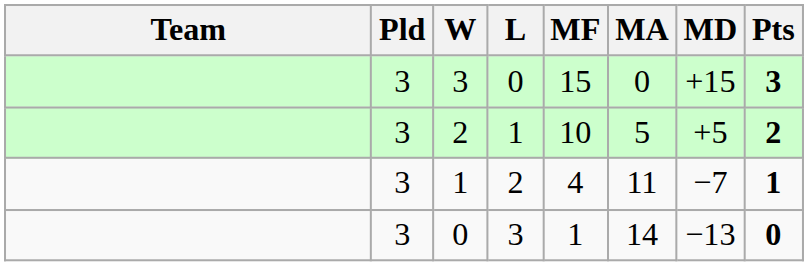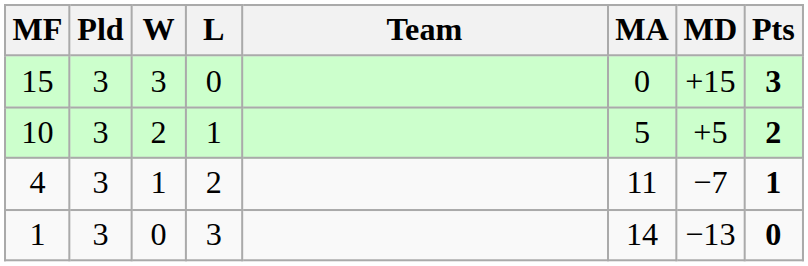 <table class="wikitable" style="text-align:center">
 <tr>
-<th width="175">Team</th>
+<th width="20">MF</th>
 <th width="20">Pld</th>
 <th width="20">W</th>
 <th width="20">L</th>
-<th width="20">MF</th>
+<th width="175">Team</th>
 <th width="20">MA</th>
 <th width="20">MD</th>
 <th width="20">Pts</th>
 </tr>
 <tr bgcolor="ccffcc">
-<td align="left"></td>
+<td>15</td>
 <td>3</td>
 <td>3</td>
 <td>0</td>
-<td>15</td>
+<td align="left"></td>
 <td>0</td>
 <td>+15</td>
 <td><strong>3</strong></td>
 </tr>
 <tr bgcolor="ccffcc">
-<td align="left"></td>
+<td>10</td>
 <td>3</td>
 <td>2</td>
 <td>1</td>
-<td>10</td>
+<td align="left"></td>
 <td>5</td>
 <td>+5</td>
 <td><strong>2</strong></td>
 </tr>
 <tr>
-<td align="left"></td>
+<td>4</td>
 <td>3</td>
 <td>1</td>
 <td>2</td>
-<td>4</td>
+<td align="left"></td>
 <td>11</td>
 <td>−7</td>
 <td><strong>1</strong></td>
 </tr>
 <tr>
-<td align="left"></td>
+<td>1</td>
 <td>3</td>
 <td>0</td>
 <td>3</td>
-<td>1</td>
+<td align="left"></td>
 <td>14</td>
 <td>−13</td>
 <td><strong>0</strong></td>
 </tr>
 </table>
